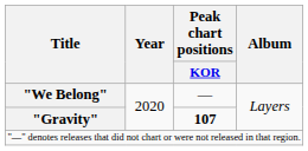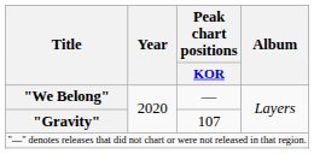 <table class="wikitable plainrowheaders" style="text-align:center;" border="1">
 <tr>
 <th rowspan="2">Title</th>
 <th rowspan="2">Year</th>
 <th colspan="1">Peak<br>chart<br>positions</th>
 <th rowspan="2">Album</th>
 </tr>
 <tr>
 <th scope="col" style="width:3em;font-size:90%;"><a href='#'>KOR</a><br></th>
 </tr>
 <tr>
 <th scope="row">"We Belong"</th>
 <td rowspan="2">2020</td>
 <td>—</td>
 <td rowspan="2"><em>Layers</em></td>
 </tr>
 <tr>
 <th scope="row">"Gravity"</th>
-<td><strong>107</strong></td>
+<td>107</td>
 </tr>
 <tr>
 <td colspan="5" style="font-size:8pt">"—" denotes releases that did not chart or were not released in that region.</td>
 </tr>
 </table>
